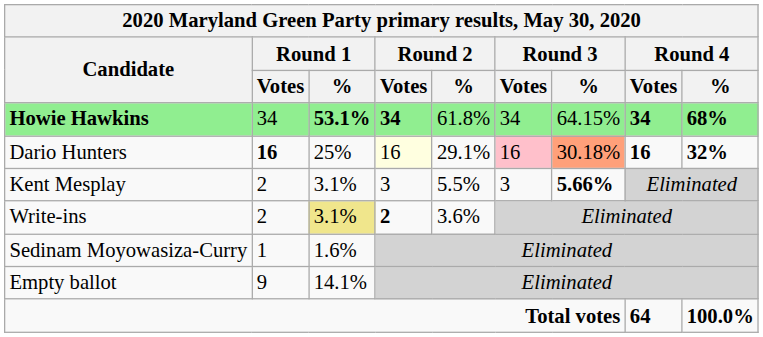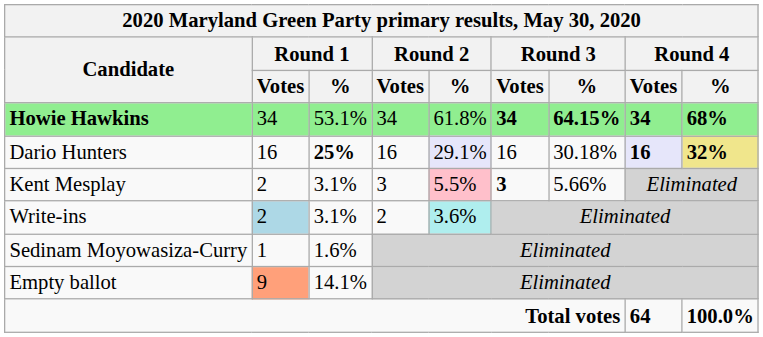 <table class="wikitable">
 <tr>
 <th colspan="16">2020 Maryland Green Party primary results, May 30, 2020</th>
 </tr>
 <tr>
 <th colspan="1" rowspan="2">Candidate</th>
 <th colspan="2">Round 1</th>
 <th colspan="2">Round 2</th>
 <th colspan="2">Round 3</th>
 <th colspan="2">Round 4</th>
 </tr>
 <tr>
 <th>Votes</th>
 <th>%</th>
 <th>Votes</th>
 <th>%</th>
 <th>Votes</th>
 <th>%</th>
 <th>Votes</th>
 <th>%</th>
 </tr>
 <tr style="background:lightgreen;">
 <td><strong>Howie Hawkins</strong></td>
 <td>34</td>
-<td><strong>53.1%</strong></td>
+<td>53.1%</td>
+<td>34</td>
+<td>61.8%</td>
 <td><strong>34</strong></td>
-<td>61.8%</td>
-<td>34</td>
-<td>64.15%</td>
+<td><strong>64.15%</strong></td>
 <td><strong>34</strong></td>
 <td><strong>68%</strong></td>
 </tr>
 <tr>
 <td>Dario Hunters</td>
-<td><strong>16</strong></td>
-<td>25%</td>
-<td style="background: lightyellow;">16</td>
-<td>29.1%</td>
-<td style="background: pink;">16</td>
-<td style="background: lightsalmon;">30.18%</td>
-<td><strong>16</strong></td>
-<td><strong>32%</strong></td>
+<td>16</td>
+<td><strong>25%</strong></td>
+<td>16</td>
+<td style="background: lavender;">29.1%</td>
+<td>16</td>
+<td>30.18%</td>
+<td style="background: lavender;"><strong>16</strong></td>
+<td style="background: khaki;"><strong>32%</strong></td>
 </tr>
 <tr>
 <td>Kent Mesplay</td>
 <td>2</td>
 <td>3.1%</td>
 <td>3</td>
-<td>5.5%</td>
-<td>3</td>
-<td><strong>5.66%</strong></td>
+<td style="background: pink;">5.5%</td>
+<td><strong>3</strong></td>
+<td>5.66%</td>
 <td colspan=2 bgcolor=lightgray align=center><em>Eliminated</em></td>
 </tr>
 <tr>
 <td>Write-ins</td>
+<td style="background: lightblue;">2</td>
+<td>3.1%</td>
 <td>2</td>
-<td style="background: khaki;">3.1%</td>
-<td><strong>2</strong></td>
-<td>3.6%</td>
+<td style="background: paleturquoise;">3.6%</td>
 <td colspan="4" bgcolor="lightgray" align="center"><em>Eliminated</em></td>
 </tr>
 <tr>
 <td>Sedinam Moyowasiza-Curry</td>
 <td>1</td>
 <td>1.6%</td>
 <td colspan="8" bgcolor="lightgray" align="center"><em>Eliminated</em></td>
 </tr>
 <tr>
 <td>Empty ballot</td>
-<td>9</td>
+<td style="background: lightsalmon;">9</td>
 <td>14.1%</td>
 <td colspan="8" bgcolor="lightgray" align="center"><em>Eliminated</em></td>
 </tr>
 <tr>
 <td colspan="7" align="right"><strong>Total votes</strong></td>
 <td><strong>64</strong></td>
 <td><strong>100.0%</strong></td>
 </tr>
 </table>
